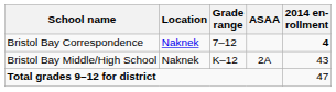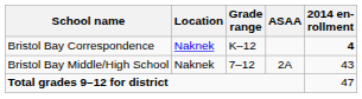 <table class="wikitable">
 <tr>
 <th>School name</th>
 <th>Location</th>
 <th>Grade<br>range</th>
 <th>ASAA</th>
 <th>2014 en-<br>rollment</th>
 </tr>
 <tr>
 <td>Bristol Bay Correspondence</td>
 <td><a href='#'>Naknek</a></td>
-<td>7–12</td>
+<td>K–12</td>
 <td align="center"></td>
 <td align="right"><strong>4</strong></td>
 </tr>
 <tr>
 <td>Bristol Bay Middle/High School</td>
 <td>Naknek</td>
-<td>K–12</td>
+<td>7–12</td>
 <td align="center">2A</td>
 <td align="right">43</td>
 </tr>
 <tr>
 <td colspan="4"><strong>Total grades 9–12 for district</strong></td>
 <td align="right">47</td>
 </tr>
 </table>
